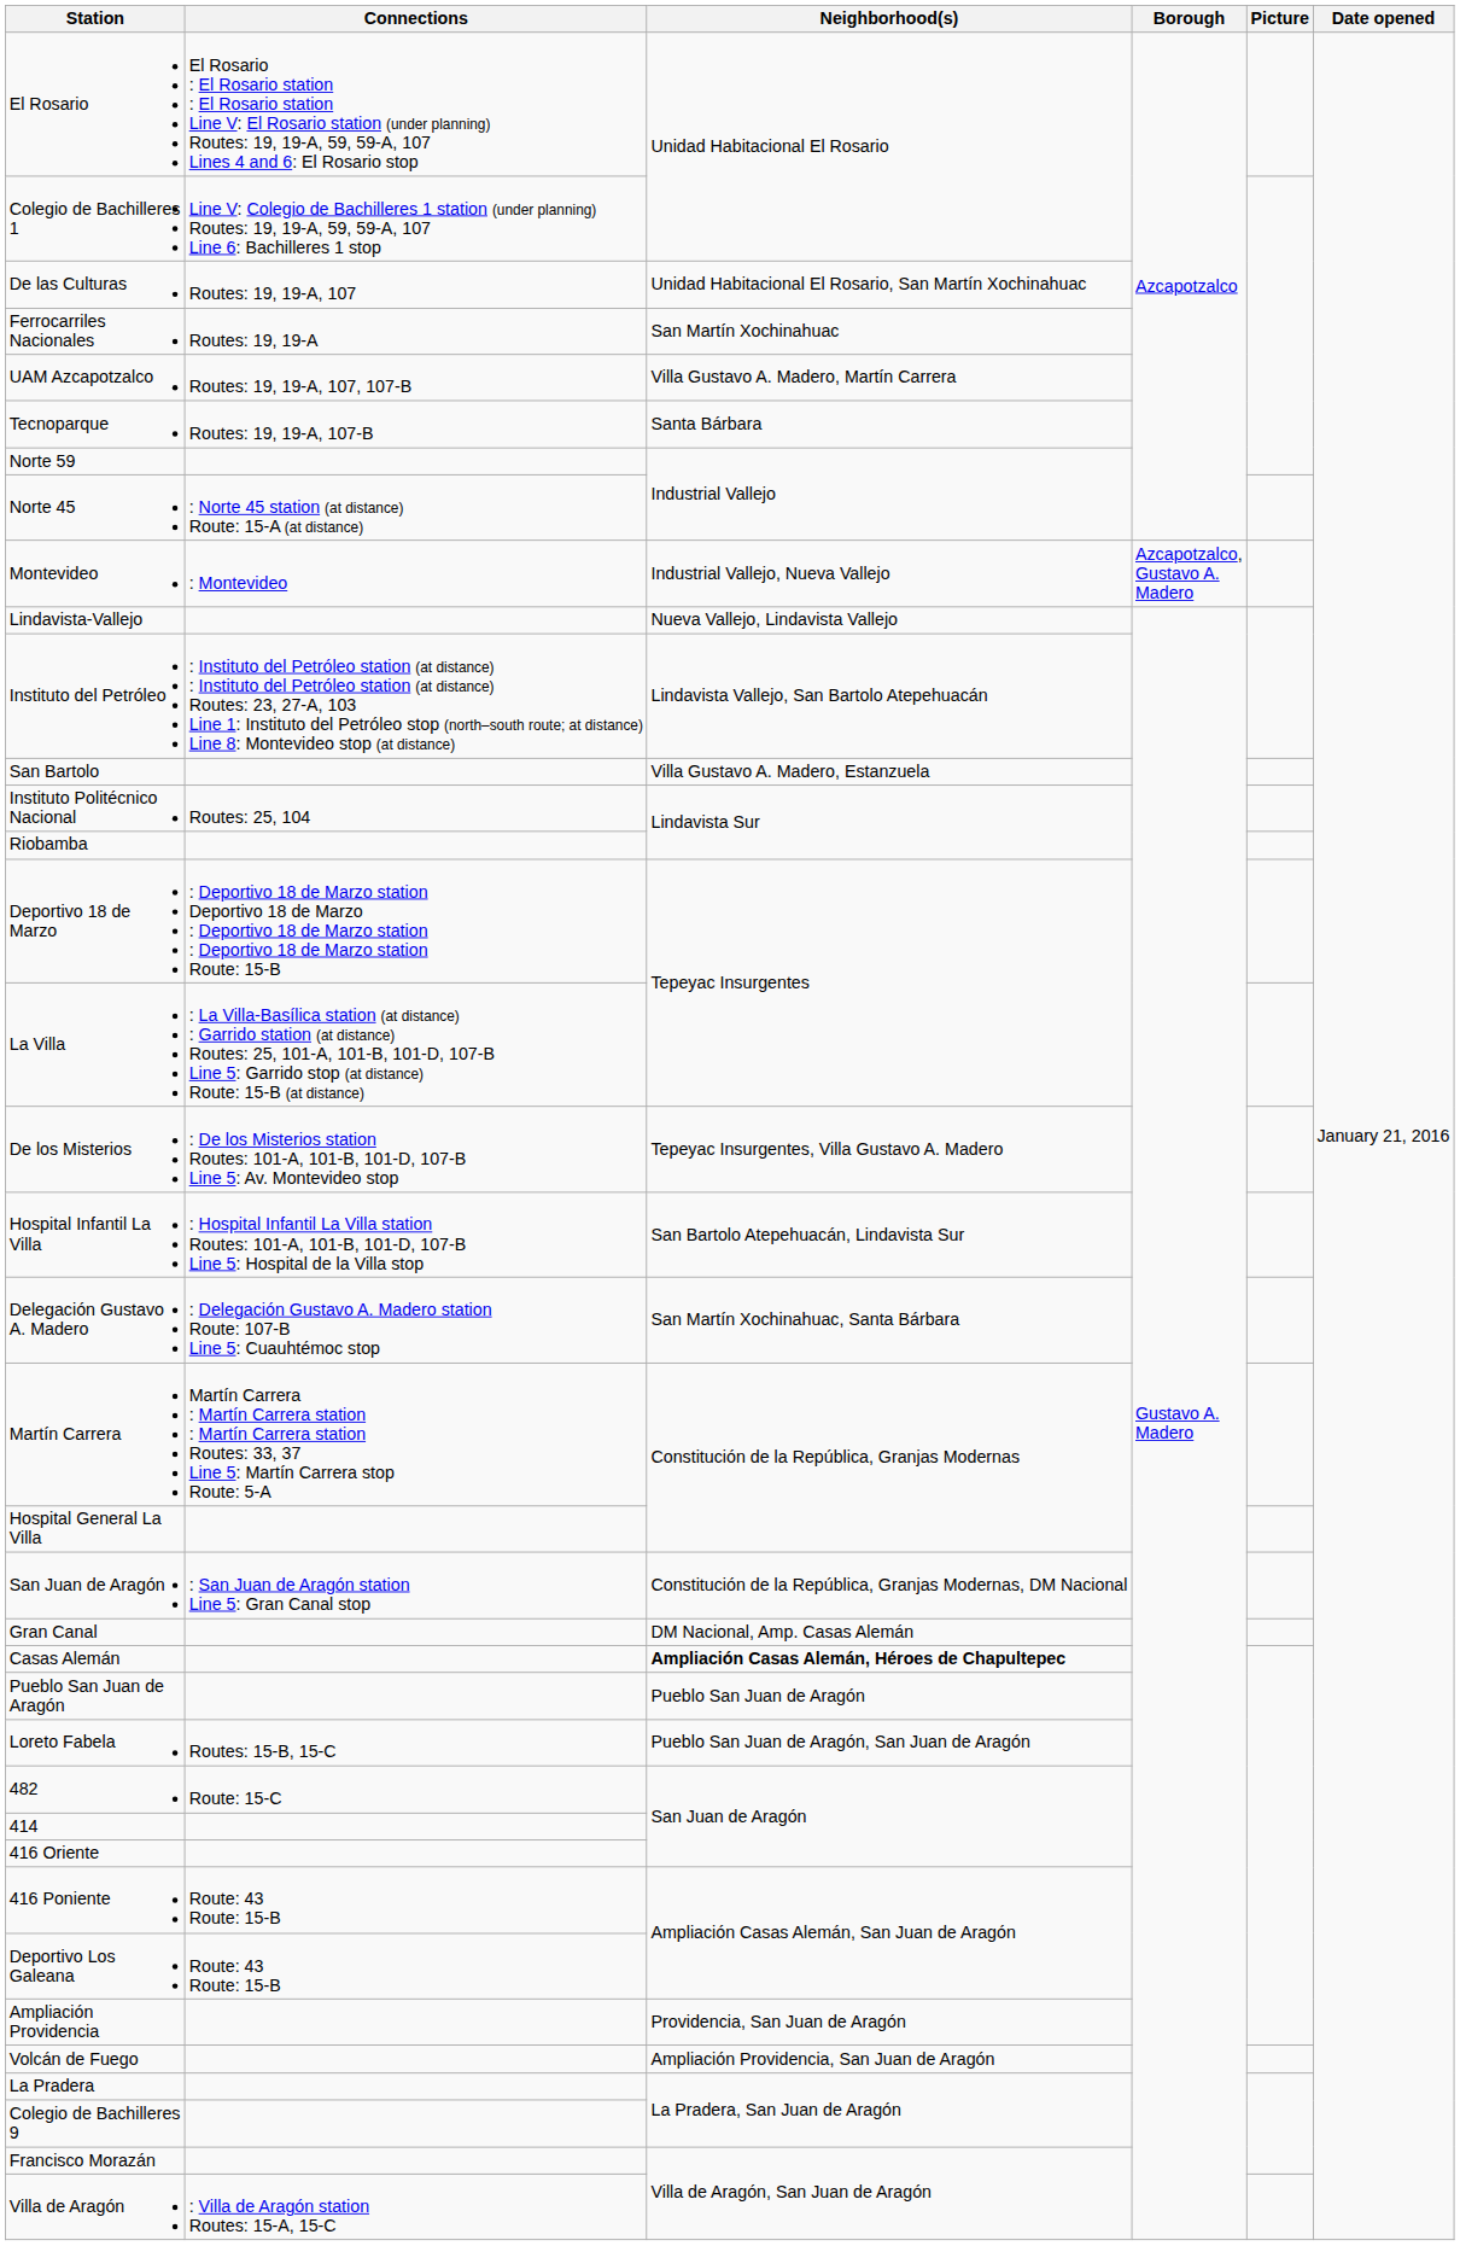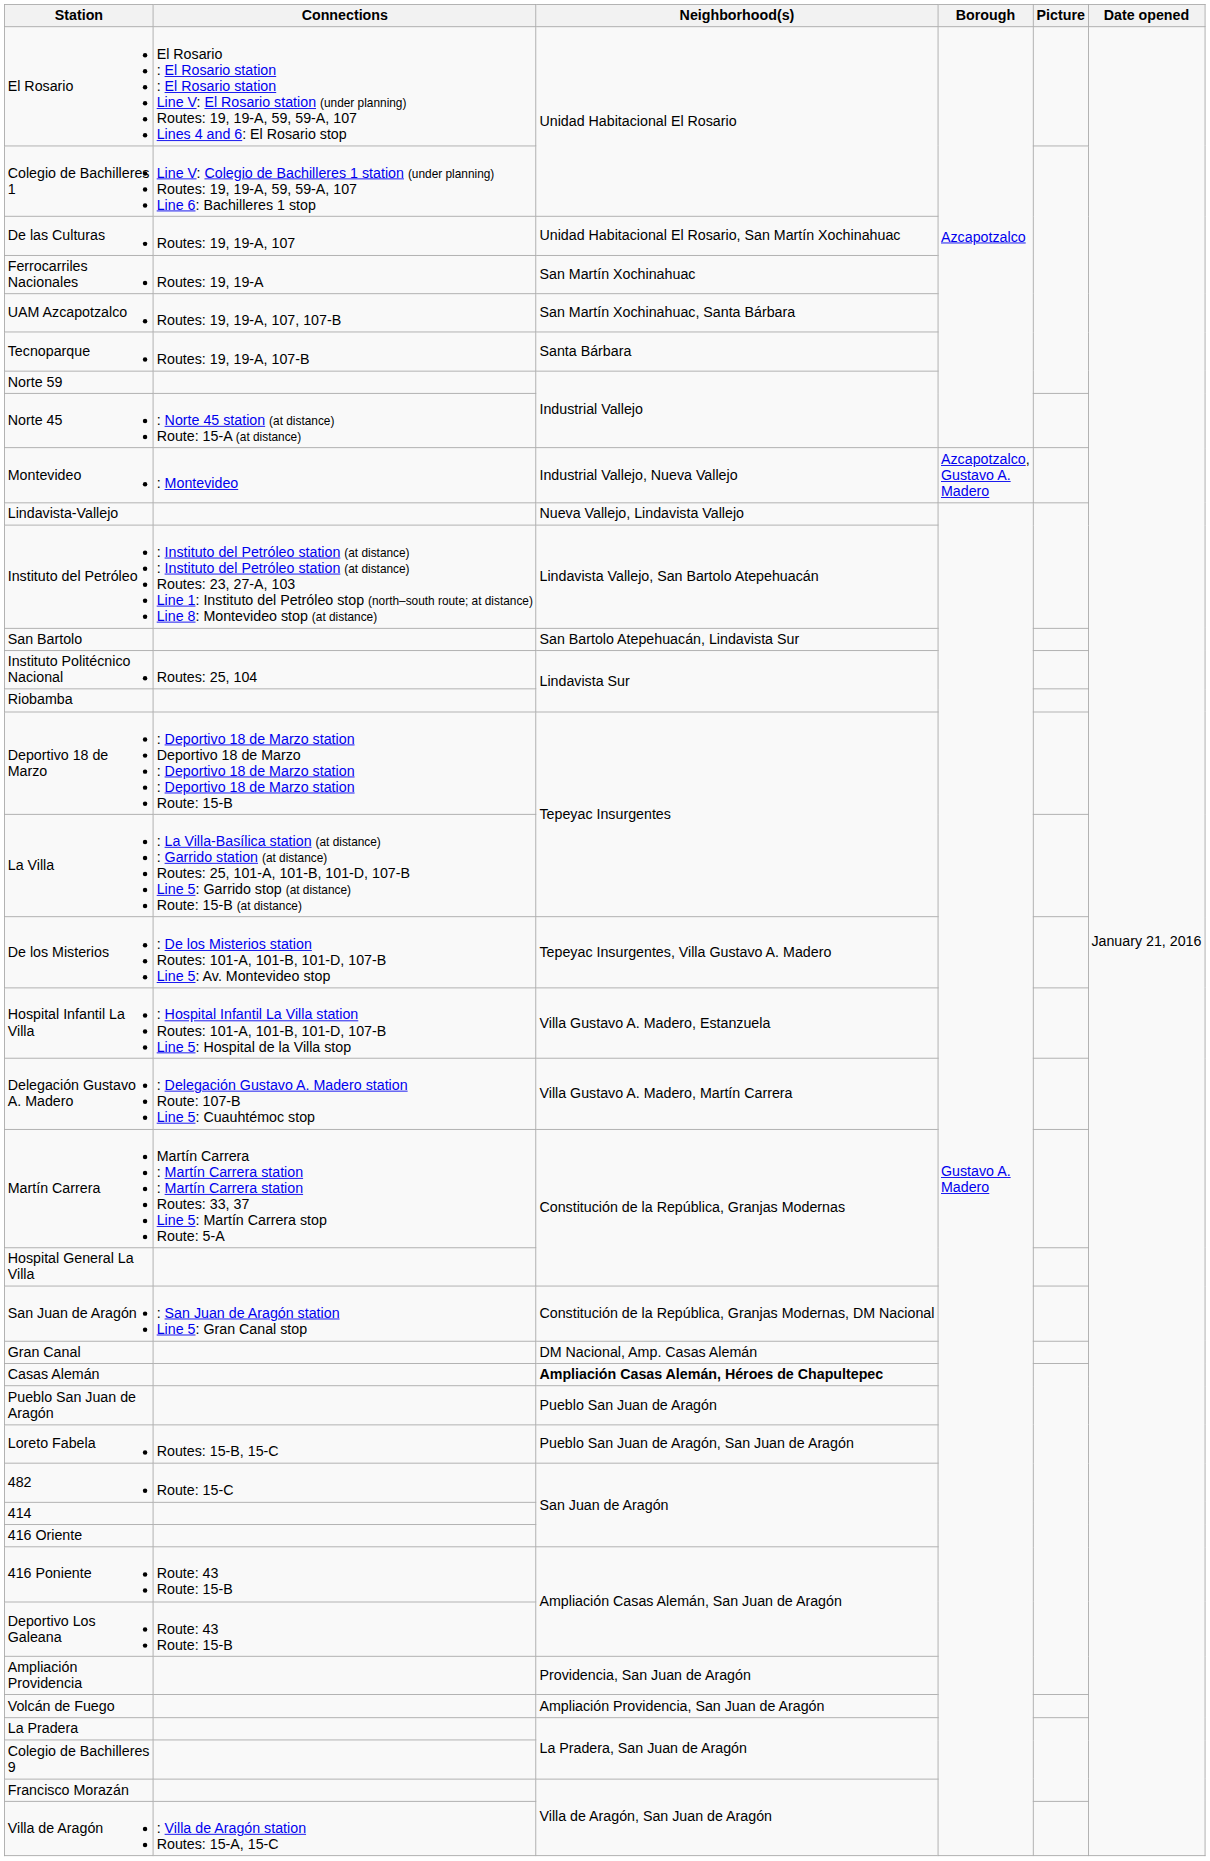 <table class="wikitable">
 <tr>
 <th width="160px">Station</th>
 <th>Connections</th>
 <th>Neighborhood(s)</th>
 <th width="100px">Borough</th>
 <th>Picture</th>
 <th>Date opened</th>
 </tr>
 <tr>
 <td> El Rosario</td>
 <td><br><li> El Rosario</li> <li> : <a href='#'>El Rosario station</a></li> <li> : <a href='#'>El Rosario station</a></li> <li> <a href='#'>Line V</a>: <a href='#'>El Rosario station</a> <small>(under planning)</small></li> <li> Routes: 19, 19-A, 59, 59-A, 107</li> <li> <a href='#'>Lines 4 and 6</a>: El Rosario stop</td>
 <td rowspan=2>Unidad Habitacional El Rosario</td>
 <td rowspan=8><a href='#'>Azcapotzalco</a></td>
 <td></td>
 <td rowspan=37>January 21, 2016</td>
 </tr>
 <tr>
 <td> Colegio de Bachilleres 1</td>
 <td><br><li> <a href='#'>Line V</a>: <a href='#'>Colegio de Bachilleres 1 station</a> <small>(under planning)</small></li> <li> Routes: 19, 19-A, 59, 59-A, 107</li> <li> <a href='#'>Line 6</a>: Bachilleres 1 stop</td>
 </tr>
 <tr>
 <td> De las Culturas</td>
 <td><br><li> Routes: 19, 19-A, 107</td>
 <td>Unidad Habitacional El Rosario, San Martín Xochinahuac</td>
 </tr>
 <tr>
 <td> Ferrocarriles Nacionales</td>
 <td><br><li> Routes: 19, 19-A</td>
 <td> San Martín Xochinahuac</td>
 </tr>
 <tr>
 <td> UAM Azcapotzalco</td>
 <td><br><li> Routes: 19, 19-A, 107, 107-B</td>
-<td>Villa Gustavo A. Madero, Martín Carrera</td>
+<td>San Martín Xochinahuac, Santa Bárbara</td>
 </tr>
 <tr>
 <td> Tecnoparque</td>
 <td><br><li> Routes: 19, 19-A, 107-B</td>
 <td>Santa Bárbara</td>
 </tr>
 <tr>
 <td> Norte 59</td>
 <td></td>
 <td rowspan=2>Industrial Vallejo</td>
 </tr>
 <tr>
 <td> Norte 45</td>
 <td><br><li> : <a href='#'>Norte 45 station</a> <small>(at distance)</small></li> <li> Route: 15-A <small>(at distance)</small></td>
 <td></td>
 </tr>
 <tr>
 <td> Montevideo</td>
 <td><br><li> : <a href='#'>Montevideo</a></td>
 <td>Industrial Vallejo, Nueva Vallejo</td>
 <td><a href='#'>Azcapotzalco</a>, <a href='#'>Gustavo A. Madero</a></td>
 <td></td>
 </tr>
 <tr>
 <td> Lindavista-Vallejo</td>
 <td></td>
 <td>Nueva Vallejo, Lindavista Vallejo</td>
 <td rowspan=28><a href='#'>Gustavo A. Madero</a></td>
 </tr>
 <tr>
 <td> Instituto del Petróleo</td>
 <td><br><li> : <a href='#'>Instituto del Petróleo station</a> <small>(at distance)</small></li> <li> : <a href='#'>Instituto del Petróleo station</a> <small>(at distance)</small></li> <li> Routes: 23, 27-A, 103</li> <li> <a href='#'>Line 1</a>: Instituto del Petróleo stop <small>(north–south route; at distance)</small></li> <li> <a href='#'>Line 8</a>: Montevideo stop <small>(at distance)</small></td>
 <td>Lindavista Vallejo, San Bartolo Atepehuacán</td>
 </tr>
 <tr>
 <td> San Bartolo</td>
 <td></td>
-<td>Villa Gustavo A. Madero, Estanzuela</td>
+<td>San Bartolo Atepehuacán, Lindavista Sur</td>
 <td></td>
 </tr>
 <tr>
 <td> Instituto Politécnico Nacional</td>
 <td><br><li> Routes: 25, 104</td>
 <td rowspan=2>Lindavista Sur</td>
 </tr>
 <tr>
 <td> Riobamba</td>
 <td></td>
 <td></td>
 </tr>
 <tr>
 <td> Deportivo 18 de Marzo</td>
 <td><br><li> : <a href='#'>Deportivo 18 de Marzo station</a></li> <li> Deportivo 18 de Marzo</li> <li> : <a href='#'>Deportivo 18 de Marzo station</a></li> <li> : <a href='#'>Deportivo 18 de Marzo station</a></li> <li> Route: 15-B</td>
 <td rowspan=2>Tepeyac Insurgentes</td>
 <td></td>
 </tr>
 <tr>
 <td> La Villa</td>
 <td><br><li> : <a href='#'>La Villa-Basílica station</a> <small>(at distance)</small></li> <li> : <a href='#'>Garrido station</a> <small>(at distance)</small></li> <li> Routes: 25, 101-A, 101-B, 101-D, 107-B</li> <li> <a href='#'>Line 5</a>: Garrido stop <small>(at distance)</small></li> <li> Route: 15-B <small>(at distance)</small></td>
 <td></td>
 </tr>
 <tr>
 <td> De los Misterios</td>
 <td><br><li> : <a href='#'>De los Misterios station</a></li> <li> Routes: 101-A, 101-B, 101-D, 107-B</li> <li> <a href='#'>Line 5</a>: Av. Montevideo stop</td>
 <td>Tepeyac Insurgentes, Villa Gustavo A. Madero</td>
 <td></td>
 </tr>
 <tr>
 <td> Hospital Infantil La Villa</td>
 <td><br><li> : <a href='#'>Hospital Infantil La Villa station</a></li> <li> Routes: 101-A, 101-B, 101-D, 107-B</li> <li> <a href='#'>Line 5</a>: Hospital de la Villa stop</td>
-<td>San Bartolo Atepehuacán, Lindavista Sur</td>
+<td>Villa Gustavo A. Madero, Estanzuela</td>
 <td></td>
 </tr>
 <tr>
 <td> Delegación Gustavo A. Madero</td>
 <td><br><li> : <a href='#'>Delegación Gustavo A. Madero station</a></li> <li> Route: 107-B</li> <li> <a href='#'>Line 5</a>: Cuauhtémoc stop</td>
-<td>San Martín Xochinahuac, Santa Bárbara</td>
+<td>Villa Gustavo A. Madero, Martín Carrera</td>
 <td></td>
 </tr>
 <tr>
 <td> Martín Carrera</td>
 <td><br><li> Martín Carrera</li> <li> : <a href='#'>Martín Carrera station</a></li> <li> : <a href='#'>Martín Carrera station</a></li> <li> Routes: 33, 37</li> <li> <a href='#'>Line 5</a>: Martín Carrera stop</li> <li> Route: 5-A</td>
 <td rowspan=2>Constitución de la República, Granjas Modernas</td>
 <td></td>
 </tr>
 <tr>
 <td> Hospital General La Villa</td>
 <td></td>
 <td></td>
 </tr>
 <tr>
 <td> San Juan de Aragón</td>
 <td><br><li> : <a href='#'>San Juan de Aragón station</a></li> <li> <a href='#'>Line 5</a>: Gran Canal stop</td>
 <td>Constitución de la República, Granjas Modernas, DM Nacional</td>
 <td></td>
 </tr>
 <tr>
 <td> Gran Canal</td>
 <td></td>
 <td>DM Nacional, Amp. Casas Alemán</td>
 <td></td>
 </tr>
 <tr>
 <td> Casas Alemán</td>
 <td></td>
 <td><strong>Ampliación Casas Alemán, Héroes de Chapultepec</strong></td>
 </tr>
 <tr>
 <td> Pueblo San Juan de Aragón</td>
 <td></td>
 <td>Pueblo San Juan de Aragón</td>
 </tr>
 <tr>
 <td> Loreto Fabela</td>
 <td><br><li> Routes: 15-B, 15-C</td>
 <td>Pueblo San Juan de Aragón, San Juan de Aragón</td>
 </tr>
 <tr>
 <td> 482</td>
 <td><br><li> Route: 15-C</td>
 <td rowspan=3>San Juan de Aragón</td>
 </tr>
 <tr>
 <td> 414</td>
 <td></td>
 </tr>
 <tr>
 <td> 416 Oriente</td>
 <td></td>
 </tr>
 <tr>
 <td> 416 Poniente</td>
 <td><br><li> Route: 43</li> <li> Route: 15-B</td>
 <td rowspan=2>Ampliación Casas Alemán, San Juan de Aragón</td>
 </tr>
 <tr>
 <td> Deportivo Los Galeana</td>
 <td><br><li> Route: 43</li> <li> Route: 15-B</td>
 </tr>
 <tr>
 <td> Ampliación Providencia</td>
 <td></td>
 <td>Providencia, San Juan de Aragón</td>
 </tr>
 <tr>
 <td> Volcán de Fuego</td>
 <td></td>
 <td>Ampliación Providencia, San Juan de Aragón</td>
 <td></td>
 </tr>
 <tr>
 <td> La Pradera</td>
 <td></td>
 <td rowspan=2>La Pradera, San Juan de Aragón</td>
 </tr>
 <tr>
 <td> Colegio de Bachilleres 9</td>
 <td></td>
 </tr>
 <tr>
 <td> Francisco Morazán</td>
 <td></td>
 <td rowspan=2>Villa de Aragón, San Juan de Aragón</td>
 </tr>
 <tr>
 <td> Villa de Aragón</td>
 <td><br><li> : <a href='#'>Villa de Aragón station</a></li> <li> Routes: 15-A, 15-C</td>
 <td></td>
 </tr>
 </table>
